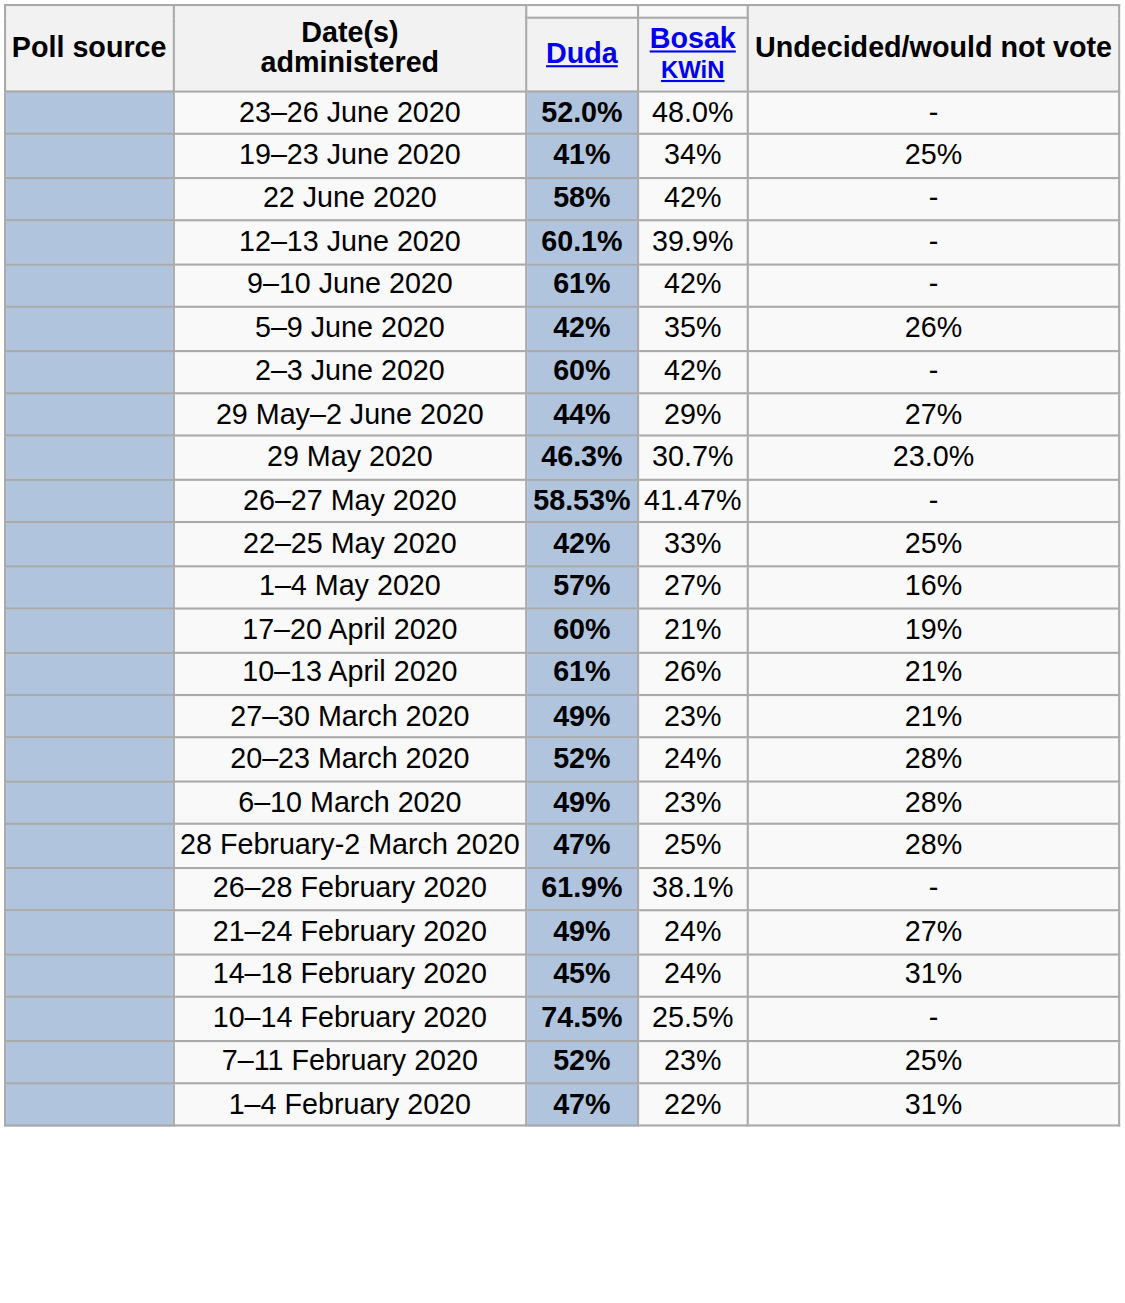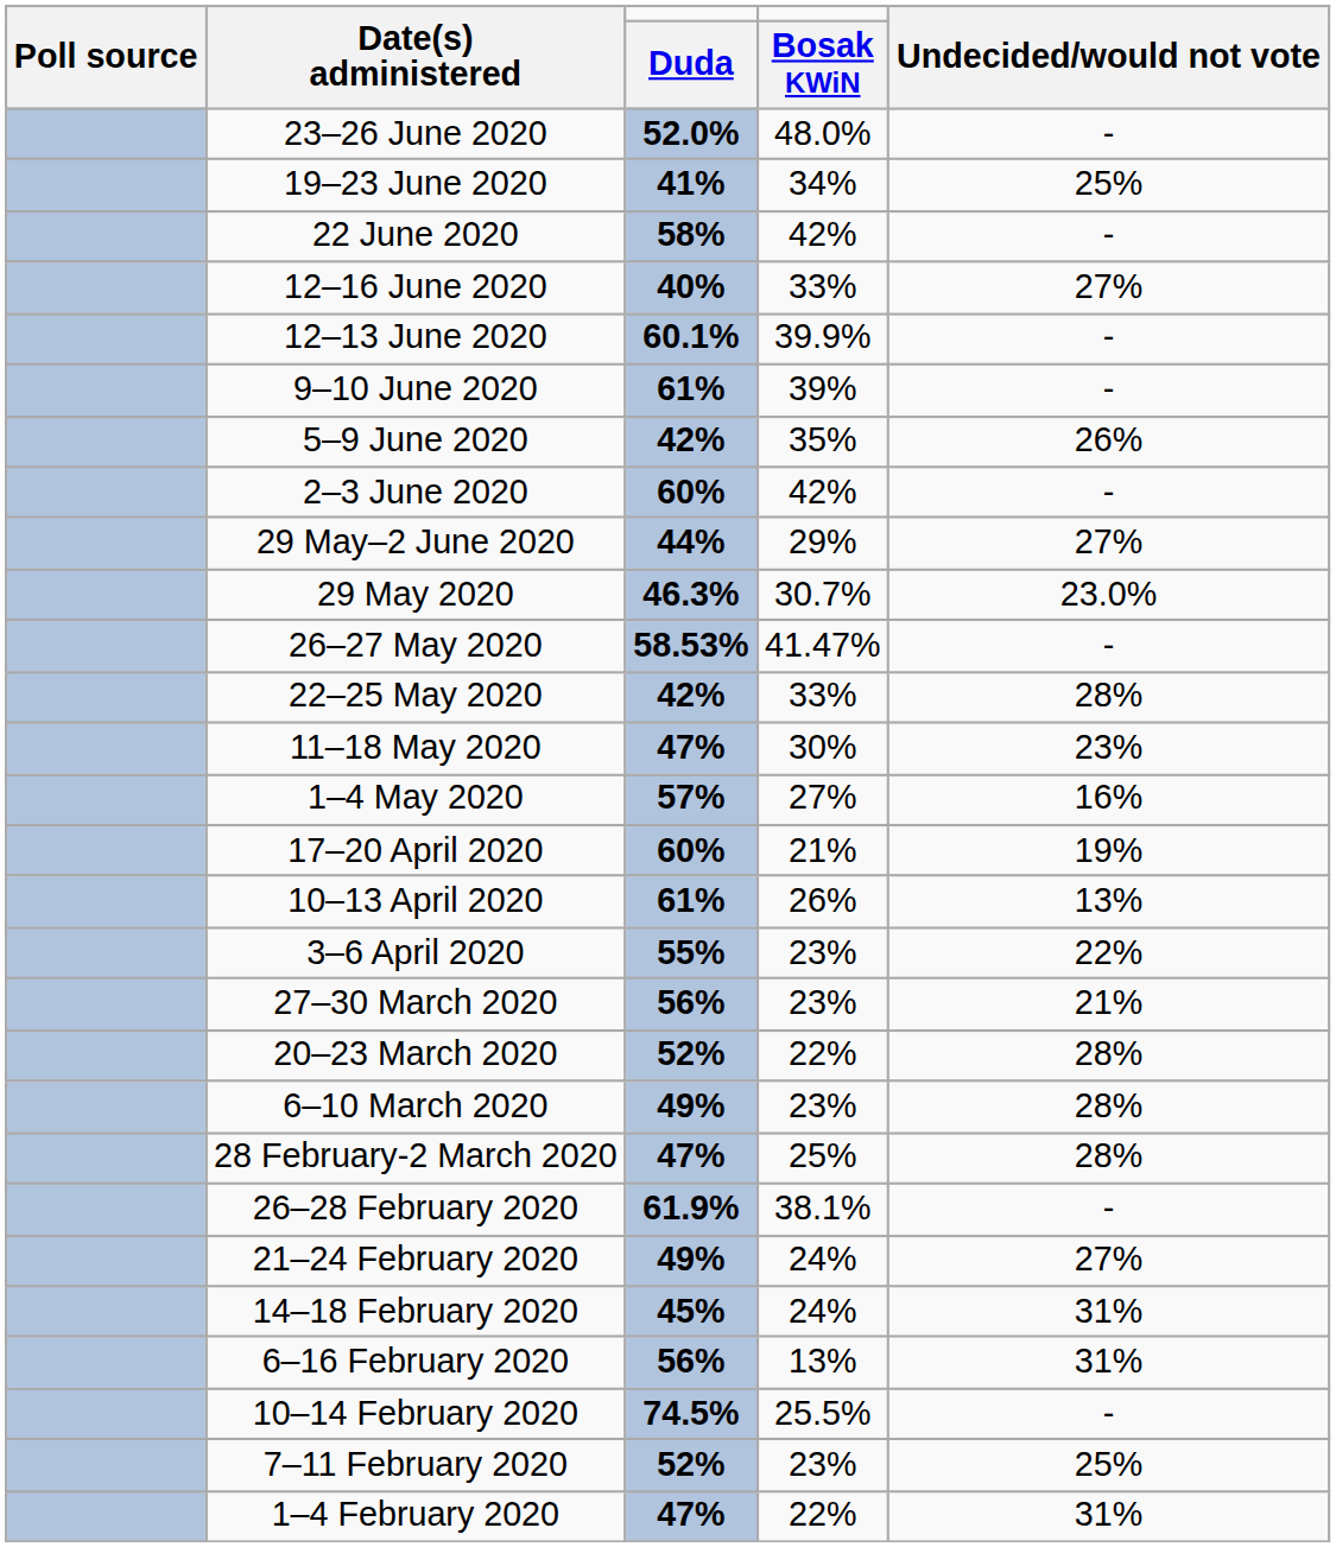 <table class="wikitable" style="text-align:center;font-size:85%;line-height:14px;">
 <tr>
 <th rowspan="2">Poll source</th>
 <th rowspan="2">Date(s)<br>administered</th>
 <td></td>
 <td></td>
 <th rowspan="2">Undecided/would not vote</th>
 </tr>
 <tr>
 <th><a href='#'>Duda</a><br></th>
 <th><a href='#'>Bosak</a><br><small><a href='#'>KWiN</a></small></th>
 </tr>
 <tr>
 <td style="background:lightsteelblue;"></td>
 <td>23–26 June 2020</td>
 <td style="background:lightsteelblue;"><strong>52.0%</strong></td>
 <td>48.0%</td>
 <td>-</td>
 </tr>
 <tr>
 <td style="background:lightsteelblue;"></td>
 <td>19–23 June 2020</td>
 <td style="background:lightsteelblue;"><strong>41%</strong></td>
 <td>34%</td>
 <td>25%</td>
 </tr>
 <tr>
 <td style="background:lightsteelblue;"></td>
 <td>22 June 2020</td>
 <td style="background:lightsteelblue;"><strong>58%</strong></td>
 <td>42%</td>
 <td>-</td>
 </tr>
 <tr>
 <td style="background:lightsteelblue;"></td>
+<td>12–16 June 2020</td>
+<td style="background:lightsteelblue;"><strong>40%</strong></td>
+<td>33%</td>
+<td>27%</td>
+</tr>
+<tr>
+<td style="background:lightsteelblue;"></td>
 <td>12–13 June 2020</td>
 <td style="background:lightsteelblue;"><strong>60.1%</strong></td>
 <td>39.9%</td>
 <td>-</td>
 </tr>
 <tr>
 <td style="background:lightsteelblue;"></td>
 <td>9–10 June 2020</td>
 <td style="background:lightsteelblue;"><strong>61%</strong></td>
-<td>42%</td>
+<td>39%</td>
 <td>-</td>
 </tr>
 <tr>
 <td style="background:lightsteelblue;"></td>
 <td>5–9 June 2020</td>
 <td style="background:lightsteelblue;"><strong>42%</strong></td>
 <td>35%</td>
 <td>26%</td>
 </tr>
 <tr>
 <td style="background:lightsteelblue;"></td>
 <td>2–3 June 2020</td>
 <td style="background:lightsteelblue;"><strong>60%</strong></td>
 <td>42%</td>
 <td>-</td>
 </tr>
 <tr>
 <td style="background:lightsteelblue;"></td>
 <td>29 May–2 June 2020</td>
 <td style="background:lightsteelblue;"><strong>44%</strong></td>
 <td>29%</td>
 <td>27%</td>
 </tr>
 <tr>
 <td style="background:lightsteelblue;"></td>
 <td>29 May 2020</td>
 <td style="background:lightsteelblue;"><strong>46.3%</strong></td>
 <td>30.7%</td>
 <td>23.0%</td>
 </tr>
 <tr>
 <td style="background:lightsteelblue;"></td>
 <td>26–27 May 2020</td>
 <td style="background:lightsteelblue;"><strong>58.53%</strong></td>
 <td>41.47%</td>
 <td>-</td>
 </tr>
 <tr>
 <td style="background:lightsteelblue;"></td>
 <td>22–25 May 2020</td>
 <td style="background:lightsteelblue;"><strong>42%</strong></td>
 <td>33%</td>
-<td>25%</td>
+<td>28%</td>
+</tr>
+<tr>
+<td style="background:lightsteelblue;"></td>
+<td>11–18 May 2020</td>
+<td style="background:lightsteelblue;"><strong>47%</strong></td>
+<td>30%</td>
+<td>23%</td>
 </tr>
 <tr>
 <td style="background:lightsteelblue;"></td>
 <td>1–4 May 2020</td>
 <td style="background:lightsteelblue;"><strong>57%</strong></td>
 <td>27%</td>
 <td>16%</td>
 </tr>
 <tr>
 <td style="background:lightsteelblue;"></td>
 <td>17–20 April 2020</td>
 <td style="background:lightsteelblue;"><strong>60%</strong></td>
 <td>21%</td>
 <td>19%</td>
 </tr>
 <tr>
 <td style="background:lightsteelblue;"></td>
 <td>10–13 April 2020</td>
 <td style="background:lightsteelblue;"><strong>61%</strong></td>
 <td>26%</td>
-<td>21%</td>
+<td>13%</td>
+</tr>
+<tr>
+<td style="background:lightsteelblue;"></td>
+<td>3–6 April 2020</td>
+<td style="background:lightsteelblue;"><strong>55%</strong></td>
+<td>23%</td>
+<td>22%</td>
 </tr>
 <tr>
 <td style="background:lightsteelblue;"></td>
 <td>27–30 March 2020</td>
-<td style="background:lightsteelblue;"><strong>49%</strong></td>
+<td style="background:lightsteelblue;"><strong>56%</strong></td>
 <td>23%</td>
 <td>21%</td>
 </tr>
 <tr>
 <td style="background:lightsteelblue;"></td>
 <td>20–23 March 2020</td>
 <td style="background:lightsteelblue;"><strong>52%</strong></td>
-<td>24%</td>
+<td>22%</td>
 <td>28%</td>
 </tr>
 <tr>
 <td style="background:lightsteelblue;"></td>
 <td>6–10 March 2020</td>
 <td style="background:lightsteelblue;"><strong>49%</strong></td>
 <td>23%</td>
 <td>28%</td>
 </tr>
 <tr>
 <td style="background:lightsteelblue;"></td>
 <td>28 February-2 March 2020</td>
 <td style="background:lightsteelblue;"><strong>47%</strong></td>
 <td>25%</td>
 <td>28%</td>
 </tr>
 <tr>
 <td style="background:lightsteelblue;"></td>
 <td>26–28 February 2020</td>
 <td style="background:lightsteelblue;"><strong>61.9%</strong></td>
 <td>38.1%</td>
 <td>-</td>
 </tr>
 <tr>
 <td style="background:lightsteelblue;"></td>
 <td>21–24 February 2020</td>
 <td style="background:lightsteelblue;"><strong>49%</strong></td>
 <td>24%</td>
 <td>27%</td>
 </tr>
 <tr>
 <td style="background:lightsteelblue;"></td>
 <td>14–18 February 2020</td>
 <td style="background:lightsteelblue;"><strong>45%</strong></td>
 <td>24%</td>
 <td>31%</td>
 </tr>
 <tr>
 <td style="background:lightsteelblue;"></td>
+<td>6–16 February 2020</td>
+<td style="background:lightsteelblue;"><strong>56%</strong></td>
+<td>13%</td>
+<td>31%</td>
+</tr>
+<tr>
+<td style="background:lightsteelblue;"></td>
 <td>10–14 February 2020</td>
 <td style="background:lightsteelblue;"><strong>74.5%</strong></td>
 <td>25.5%</td>
 <td>-</td>
 </tr>
 <tr>
 <td style="background:lightsteelblue;"></td>
 <td>7–11 February 2020</td>
 <td style="background:lightsteelblue;"><strong>52%</strong></td>
 <td>23%</td>
 <td>25%</td>
 </tr>
 <tr>
 <td style="background:lightsteelblue;"></td>
 <td>1–4 February 2020</td>
 <td style="background:lightsteelblue;"><strong>47%</strong></td>
 <td>22%</td>
 <td>31%</td>
 </tr>
 </table>
